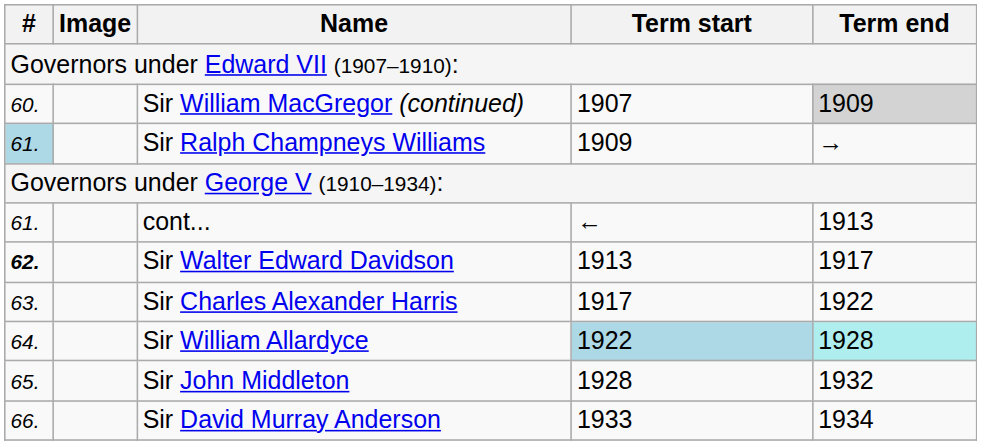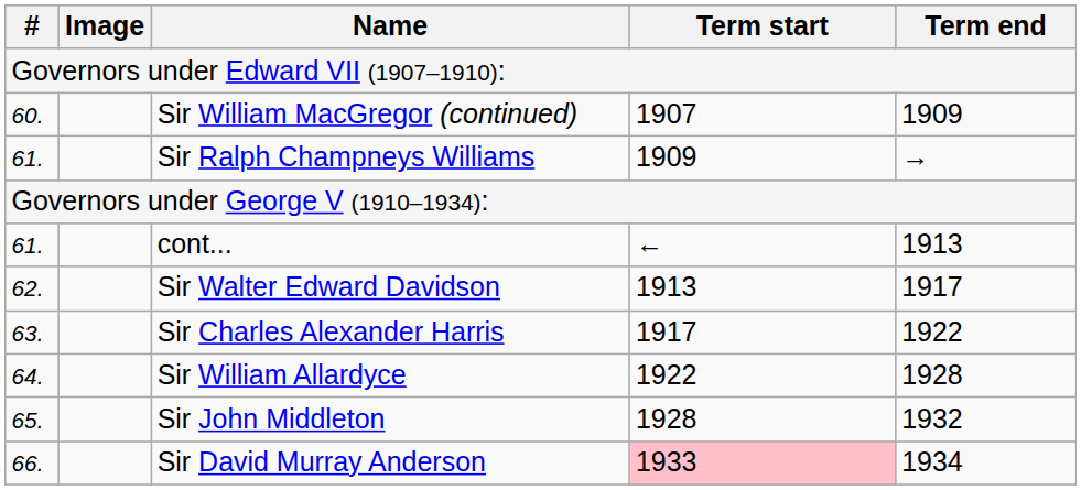 <table class="wikitable" style="width:100%">
 <tr>
 <th width="5%">#</th>
 <th width="8%">Image</th>
 <th width="45%">Name</th>
 <th width="25%">Term start</th>
 <th width="25%">Term end</th>
 </tr>
 <tr bgcolor="#F5F5F5">
 <td colspan="5" align="left"><span>Governors under <a href='#'>Edward VII</a> <small>(1907–1910)</small>:</span></td>
 </tr>
 <tr>
 <td><small><em>60.</em></small></td>
 <td></td>
 <td>Sir <a href='#'>William MacGregor</a> <em>(continued)</em> </td>
 <td>1907</td>
-<td style="background: lightgrey;">1909</td>
+<td>1909</td>
 </tr>
 <tr>
-<td style="background: lightblue;"><small><em>61.</em></small></td>
+<td><small><em>61.</em></small></td>
 <td></td>
 <td>Sir <a href='#'>Ralph Champneys Williams</a> </td>
 <td>1909</td>
 <td>→</td>
 </tr>
 <tr bgcolor="#F5F5F5">
 <td colspan="5" align="left"><span>Governors under <a href='#'>George V</a> <small>(1910–1934)</small>:</span></td>
 </tr>
 <tr>
 <td><small><em>61.</em></small></td>
 <td></td>
 <td>cont...</td>
 <td>←</td>
 <td>1913</td>
 </tr>
 <tr>
-<td><strong><small><em>62.</em></small></strong></td>
+<td><small><em>62.</em></small></td>
 <td></td>
 <td>Sir <a href='#'>Walter Edward Davidson</a> </td>
 <td>1913</td>
 <td>1917</td>
 </tr>
 <tr>
 <td><small><em>63.</em></small></td>
 <td></td>
 <td>Sir <a href='#'>Charles Alexander Harris</a></td>
 <td>1917</td>
 <td>1922</td>
 </tr>
 <tr>
 <td><small><em>64.</em></small></td>
 <td></td>
 <td>Sir <a href='#'>William Allardyce</a> </td>
-<td style="background: lightblue;">1922</td>
-<td style="background: paleturquoise;">1928</td>
+<td>1922</td>
+<td>1928</td>
 </tr>
 <tr>
 <td><small><em>65.</em></small></td>
 <td></td>
 <td>Sir <a href='#'>John Middleton</a></td>
 <td>1928</td>
 <td>1932</td>
 </tr>
 <tr>
 <td><small><em>66.</em></small></td>
 <td></td>
 <td>Sir <a href='#'>David Murray Anderson</a> </td>
-<td>1933</td>
+<td style="background: pink;">1933</td>
 <td>1934</td>
 </tr>
 </table>
